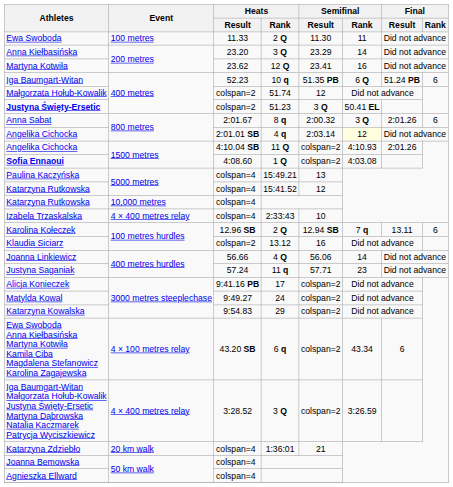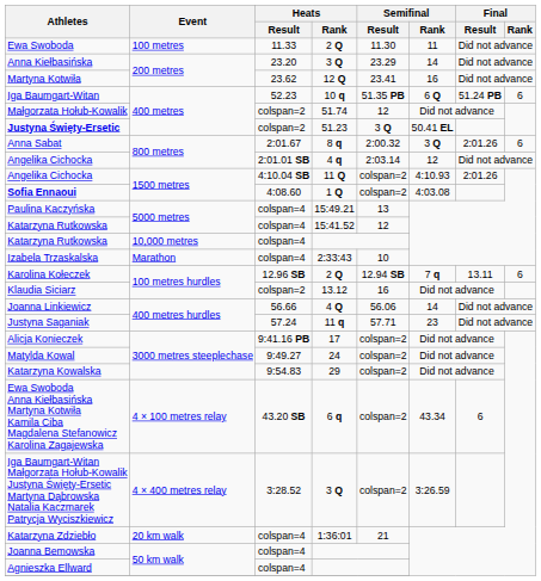 <table class="wikitable" border="1" style="font-size:90%">
 <tr>
 <th rowspan="2">Athletes</th>
 <th rowspan="2">Event</th>
 <th colspan="2">Heats</th>
 <th colspan="2">Semifinal</th>
 <th colspan="2">Final</th>
 </tr>
 <tr>
 <th>Result</th>
 <th>Rank</th>
 <th>Result</th>
 <th>Rank</th>
 <th>Result</th>
 <th>Rank</th>
 </tr>
 <tr>
 <td><a href='#'>Ewa Swoboda</a></td>
 <td><a href='#'>100 metres</a></td>
 <td align=center>11.33</td>
 <td align=center>2 <strong>Q</strong></td>
 <td align=center>11.30</td>
 <td align=center>11</td>
 <td align=center colspan=2>Did not advance</td>
 </tr>
 <tr>
 <td><a href='#'>Anna Kiełbasińska</a></td>
 <td rowspan=2><a href='#'>200 metres</a></td>
 <td align=center>23.20</td>
 <td align=center>3 <strong>Q</strong></td>
 <td align=center>23.29</td>
 <td align=center>14</td>
 <td align=center colspan=2>Did not advance</td>
 </tr>
 <tr>
 <td><a href='#'>Martyna Kotwiła</a></td>
 <td align=center>23.62</td>
 <td align=center>12 <strong>Q</strong></td>
 <td align=center>23.41</td>
 <td align=center>16</td>
 <td align=center colspan=2>Did not advance</td>
 </tr>
 <tr>
 <td><a href='#'>Iga Baumgart-Witan</a></td>
 <td rowspan=3><a href='#'>400 metres</a></td>
 <td align=center>52.23</td>
 <td align=center>10 <strong>q</strong></td>
 <td align=center>51.35 <strong>PB</strong></td>
 <td align=center>6 <strong>Q</strong></td>
 <td align=center>51.24 <strong>PB</strong></td>
 <td align=center>6</td>
 </tr>
 <tr>
 <td><a href='#'>Małgorzata Hołub-Kowalik</a></td>
 <td>colspan=2 </td>
 <td align=center>51.74</td>
 <td align=center>12</td>
 <td align=center colspan=2>Did not advance</td>
 </tr>
 <tr>
 <td><strong><a href='#'>Justyna Święty-Ersetic</a></strong></td>
 <td>colspan=2 </td>
 <td align=center>51.23</td>
 <td align=center>3 <strong>Q</strong></td>
 <td align=center>50.41 <strong>EL</strong></td>
 <td align=center></td>
 </tr>
 <tr>
 <td><a href='#'>Anna Sabat</a></td>
 <td rowspan=2><a href='#'>800 metres</a></td>
 <td align=center>2:01.67</td>
 <td align=center>8 <strong>q</strong></td>
 <td align=center>2:00.32</td>
 <td align=center>3 <strong>Q</strong></td>
 <td align=center>2:01.26</td>
 <td align=center>6</td>
 </tr>
 <tr>
 <td><a href='#'>Angelika Cichocka</a></td>
 <td align=center>2:01.01 <strong>SB</strong></td>
 <td align=center>4 <strong>q</strong></td>
 <td align=center>2:03.14</td>
-<td align=center style="background: lightyellow;">12</td>
+<td align=center>12</td>
 <td align=center colspan=2>Did not advance</td>
 </tr>
 <tr>
 <td><a href='#'>Angelika Cichocka</a></td>
 <td rowspan=2><a href='#'>1500 metres</a></td>
 <td align=center>4:10.04 <strong>SB</strong></td>
 <td align=center>11 <strong>Q</strong></td>
 <td>colspan=2 </td>
 <td align=center>4:10.93</td>
 <td align=center>2:01.26</td>
 </tr>
 <tr>
 <td><strong><a href='#'>Sofia Ennaoui</a></strong></td>
 <td align=center>4:08.60</td>
 <td align=center>1 <strong>Q</strong></td>
 <td>colspan=2 </td>
 <td align=center>4:03.08</td>
 <td align=center></td>
 </tr>
 <tr>
 <td><a href='#'>Paulina Kaczyńska</a></td>
 <td rowspan=2><a href='#'>5000 metres</a></td>
 <td>colspan=4 </td>
 <td align=center>15:49.21</td>
 <td align=center>13</td>
 </tr>
 <tr>
 <td><a href='#'>Katarzyna Rutkowska</a></td>
 <td>colspan=4 </td>
 <td align=center>15:41.52</td>
 <td align=center>12</td>
 </tr>
 <tr>
 <td><a href='#'>Katarzyna Rutkowska</a></td>
 <td><a href='#'>10,000 metres</a></td>
 <td>colspan=4 </td>
 <td align=center colspan=2></td>
 </tr>
 <tr>
 <td><a href='#'>Izabela Trzaskalska</a></td>
-<td><a href='#'>4 × 400 metres relay</a></td>
+<td><a href='#'>Marathon</a></td>
 <td>colspan=4 </td>
 <td align=center>2:33:43</td>
 <td align=center>10</td>
 </tr>
 <tr>
 <td><a href='#'>Karolina Kołeczek</a></td>
 <td rowspan=2><a href='#'>100 metres hurdles</a></td>
 <td align=center>12.96 <strong>SB</strong></td>
 <td align=center>2 <strong>Q</strong></td>
 <td align=center>12.94 <strong>SB</strong></td>
 <td align=center>7 <strong>q</strong></td>
 <td align=center>13.11</td>
 <td align=center>6</td>
 </tr>
 <tr>
 <td><a href='#'>Klaudia Siciarz</a></td>
 <td>colspan=2</td>
 <td align=center>13.12</td>
 <td align=center>16</td>
 <td align=center colspan=2>Did not advance</td>
 </tr>
 <tr>
 <td><a href='#'>Joanna Linkiewicz</a></td>
 <td rowspan=2><a href='#'>400 metres hurdles</a></td>
 <td align=center>56.66</td>
 <td align=center>4 <strong>Q</strong></td>
 <td align=center>56.06</td>
 <td align=center>14</td>
 <td align=center colspan=2>Did not advance</td>
 </tr>
 <tr>
 <td><a href='#'>Justyna Saganiak</a></td>
 <td align=center>57.24</td>
 <td align=center>11 <strong>q</strong></td>
 <td align=center>57.71</td>
 <td align=center>23</td>
 <td align=center colspan=2>Did not advance</td>
 </tr>
 <tr>
 <td><a href='#'>Alicja Konieczek</a></td>
 <td rowspan=3><a href='#'>3000 metres steeplechase</a></td>
 <td align=center>9:41.16 <strong>PB</strong></td>
 <td align=center>17</td>
 <td>colspan=2 </td>
 <td align=center colspan=2>Did not advance</td>
 </tr>
 <tr>
 <td><a href='#'>Matylda Kowal</a></td>
 <td align=center>9:49.27</td>
 <td align=center>24</td>
 <td>colspan=2 </td>
 <td align=center colspan=2>Did not advance</td>
 </tr>
 <tr>
 <td><a href='#'>Katarzyna Kowalska</a></td>
 <td align=center>9:54.83</td>
 <td align=center>29</td>
 <td>colspan=2 </td>
 <td align=center colspan=2>Did not advance</td>
 </tr>
 <tr>
 <td><a href='#'>Ewa Swoboda</a><br><a href='#'>Anna Kiełbasińska</a><br><a href='#'>Martyna Kotwiła</a><br><a href='#'>Kamila Ciba</a><br><a href='#'>Magdalena Stefanowicz</a><br><a href='#'>Karolina Zagajewska</a></td>
 <td><a href='#'>4 × 100 metres relay</a></td>
 <td align=center>43.20 <strong>SB</strong></td>
 <td align=center>6 <strong>q</strong></td>
 <td>colspan=2 </td>
 <td align=center>43.34</td>
 <td align=center>6</td>
 </tr>
 <tr>
 <td><a href='#'>Iga Baumgart-Witan</a><br><a href='#'>Małgorzata Hołub-Kowalik</a><br><a href='#'>Justyna Święty-Ersetic</a><br><a href='#'>Martyna Dąbrowska</a><br><a href='#'>Natalia Kaczmarek</a><br><a href='#'>Patrycja Wyciszkiewicz</a></td>
 <td><a href='#'>4 × 400 metres relay</a></td>
 <td align=center>3:28.52</td>
 <td align=center>3 <strong>Q</strong></td>
 <td>colspan=2 </td>
 <td align=center>3:26.59</td>
 <td align=center></td>
 </tr>
 <tr>
 <td><a href='#'>Katarzyna Zdziebło</a></td>
 <td><a href='#'>20 km walk</a></td>
 <td>colspan=4 </td>
 <td align=center>1:36:01</td>
 <td align=center>21</td>
 </tr>
 <tr>
 <td><a href='#'>Joanna Bemowska</a></td>
 <td rowspan=2><a href='#'>50 km walk</a></td>
 <td>colspan=4 </td>
 <td align=center colspan=2></td>
 </tr>
 <tr>
 <td><a href='#'>Agnieszka Ellward</a></td>
 <td>colspan=4 </td>
 <td align=center colspan=2></td>
 </tr>
 <tr>
 </tr>
 </table>
